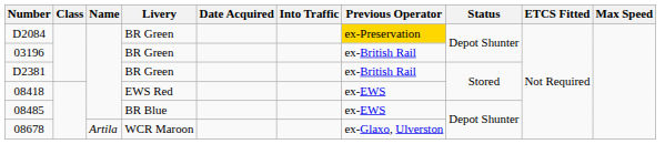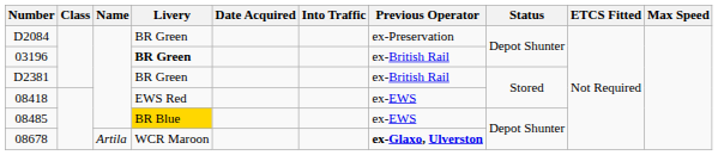 <table class="wikitable sortable">
 <tr>
 <th>Number</th>
 <th>Class</th>
 <th scope="col">Name</th>
 <th align=left>Livery</th>
 <th scope="col">Date Acquired</th>
 <th scope="col">Into Traffic</th>
 <th align=left>Previous Operator</th>
 <th scope="col">Status</th>
 <th scope="col">ETCS Fitted</th>
 <th scope="col">Max Speed</th>
 </tr>
 <tr>
 <td align=center>D2084</td>
 <td rowspan="3" style="text-align:center;"></td>
 <td rowspan="5" style="text-align:center;"></td>
 <td align=left>BR Green</td>
 <td align=center></td>
 <td align=center></td>
-<td align=left style="background: gold;">ex-Preservation</td>
+<td align=left>ex-Preservation</td>
 <td rowspan="2" style="text-align:center;">Depot Shunter</td>
 <td rowspan="6" style="text-align:center;">Not Required</td>
 <td rowspan="6" style="text-align:center;"></td>
 </tr>
 <tr bgcolor=>
 <td align=center>03196</td>
-<td align=left>BR Green</td>
+<td align=left><strong>BR Green</strong></td>
 <td align=center></td>
 <td align=center></td>
 <td align=left>ex-<a href='#'>British Rail</a></td>
 </tr>
 <tr bgcolor=>
 <td align=center>D2381</td>
 <td align=left>BR Green</td>
 <td align=center></td>
 <td align=center></td>
 <td align=left>ex-<a href='#'>British Rail</a></td>
 <td rowspan="2" style="text-align:center;">Stored</td>
 </tr>
 <tr |-bgcolor=>
 <td align=center>08418</td>
 <td rowspan="3" style="text-align:center;"></td>
 <td align=left>EWS Red</td>
 <td align=center></td>
 <td align=center></td>
 <td align=left>ex-<a href='#'>EWS</a></td>
 </tr>
 <tr>
 <td align=center>08485</td>
-<td align=left>BR Blue</td>
+<td align=left style="background: gold;">BR Blue</td>
 <td align=center></td>
 <td align=center></td>
 <td align=left>ex-<a href='#'>EWS</a></td>
 <td rowspan="2" style="text-align:center;">Depot Shunter</td>
 </tr>
 <tr bgcolor=>
 <td align=center>08678</td>
 <td align=left><em>Artila</em></td>
 <td align=left>WCR Maroon</td>
 <td align=center></td>
 <td align=center></td>
-<td align=left>ex-<a href='#'>Glaxo</a>, <a href='#'>Ulverston</a></td>
+<td align=left><strong>ex-<a href='#'>Glaxo</a>, <a href='#'>Ulverston</a></strong></td>
 </tr>
 </table>
